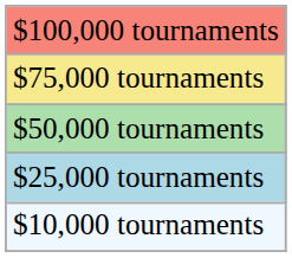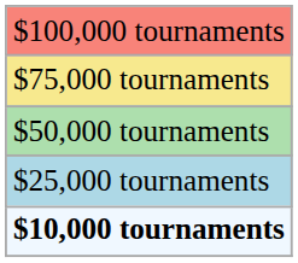 <table class="wikitable" style="font-size:85%">
 <tr bgcolor="#F88379">
 <td>$100,000 tournaments</td>
 </tr>
 <tr bgcolor="#F7E98E">
 <td>$75,000 tournaments</td>
 </tr>
 <tr bgcolor="#ADDFAD">
 <td>$50,000 tournaments</td>
 </tr>
 <tr bgcolor=lightblue>
 <td>$25,000 tournaments</td>
 </tr>
 <tr bgcolor="#f0f8ff">
-<td>$10,000 tournaments</td>
+<td><strong>$10,000 tournaments</strong></td>
 </tr>
 </table>
